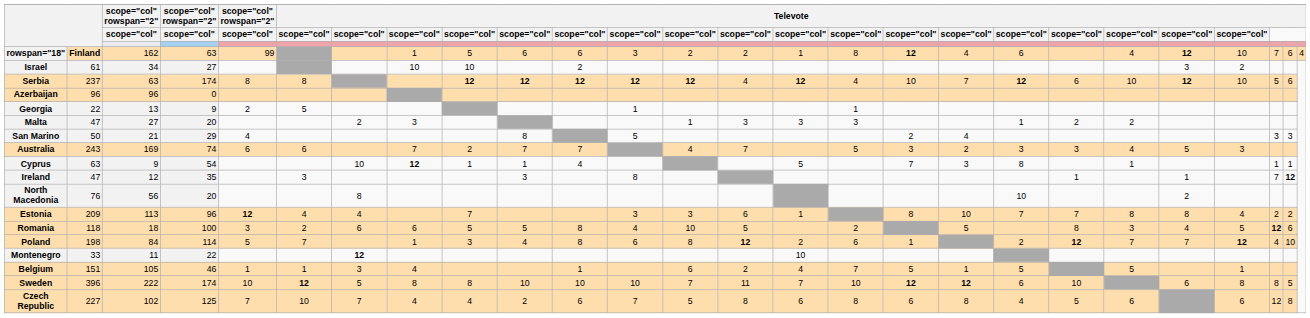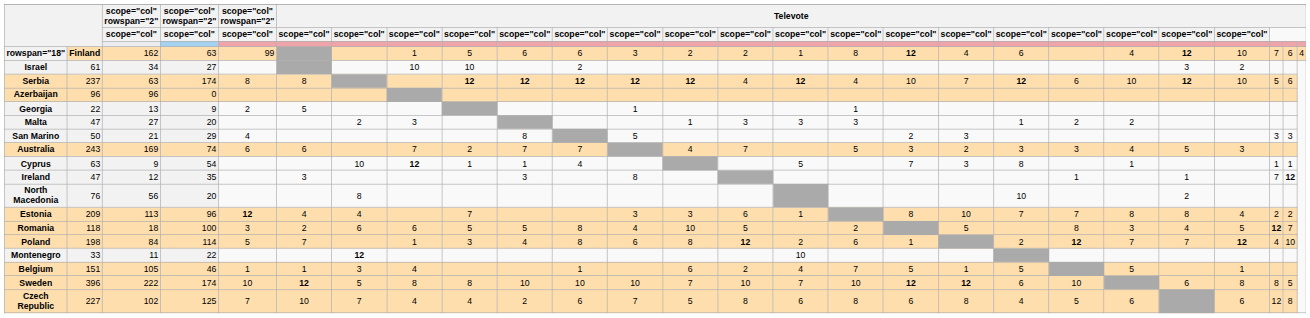 <table class="wikitable plainrowheaders" style="text-align: center; font-size: 85%;">
 <tr>
 </tr>
 <tr>
 <td colspan="2" rowspan="3" style="background: #F2F2F2;"></td>
 <th>scope="col" rowspan="2" </th>
 <th>scope="col" rowspan="2" </th>
 <th>scope="col" rowspan="2" </th>
 <th colspan="22" scope="col">Televote</th>
 </tr>
 <tr>
 <th>scope="col" </th>
 <th>scope="col" </th>
 <th>scope="col" </th>
 <th>scope="col" </th>
 <th>scope="col" </th>
 <th>scope="col" </th>
 <th>scope="col" </th>
 <th>scope="col" </th>
 <th>scope="col" </th>
 <th>scope="col" </th>
 <th>scope="col" </th>
 <th>scope="col" </th>
 <th>scope="col" </th>
 <th>scope="col" </th>
 <th>scope="col" </th>
 <th>scope="col" </th>
 <th>scope="col" </th>
 <th>scope="col" </th>
 <th>scope="col" </th>
 <th>scope="col" </th>
 <th>scope="col" </th>
 </tr>
 <tr>
 <td style="height:2px; background: #eaecf0; border-top:1px solid transparent;"></td>
 <td style="background: #A4D1EF;"></td>
 <td style="background: #EFA4A9;"></td>
 <td style="background: #EFA4A9;"></td>
 <td style="background: #EFA4A9;"></td>
 <td style="background: #EFA4A9;"></td>
 <td style="background: #EFA4A9;"></td>
 <td style="background: #EFA4A9;"></td>
 <td style="background: #EFA4A9;"></td>
 <td style="background: #EFA4A9;"></td>
 <td style="background: #EFA4A9;"></td>
 <td style="background: #EFA4A9;"></td>
 <td style="background: #EFA4A9;"></td>
 <td style="background: #EFA4A9;"></td>
 <td style="background: #EFA4A9;"></td>
 <td style="background: #EFA4A9;"></td>
 <td style="background: #EFA4A9;"></td>
 <td style="background: #EFA4A9;"></td>
 <td style="background: #EFA4A9;"></td>
 <td style="background: #EFA4A9;"></td>
 <td style="background: #EFA4A9;"></td>
 <td style="background: #EFA4A9;"></td>
 <td style="background: #EFA4A9;"></td>
 <td style="background: #EFA4A9;"></td>
 </tr>
 <tr style="background:#ffdead;">
 <th>rowspan="18" </th>
 <th scope="row" style="font-weight: bold; background: #ffdead;">Finland</th>
 <td style="text-align: right;">162</td>
 <td style="text-align: right;">63</td>
 <td style="text-align: right;">99</td>
 <td style="background: #aaa;"></td>
 <td></td>
 <td>1</td>
 <td>5</td>
 <td>6</td>
 <td>6</td>
 <td>3</td>
 <td>2</td>
 <td>2</td>
 <td>1</td>
 <td>8</td>
 <td><strong>12</strong></td>
 <td>4</td>
 <td>6</td>
 <td></td>
 <td>4</td>
 <td><strong>12</strong></td>
 <td>10</td>
 <td>7</td>
 <td>6</td>
 <td>4</td>
 </tr>
 <tr>
 <th scope="row" style="background: #f2f2f2;">Israel</th>
 <td style="text-align: right; background: #f2f2f2;">61</td>
 <td style="text-align: right; background: #f2f2f2;">34</td>
 <td style="text-align: right; background: #f2f2f2;">27</td>
 <td></td>
 <td style="background: #aaa;"></td>
 <td></td>
 <td>10</td>
 <td>10</td>
 <td></td>
 <td>2</td>
 <td></td>
 <td></td>
 <td></td>
 <td></td>
 <td></td>
 <td></td>
 <td></td>
 <td></td>
 <td></td>
 <td></td>
 <td>3</td>
 <td>2</td>
 <td></td>
 <td></td>
 </tr>
 <tr style="background:#ffdead;">
 <th scope="row" style="font-weight: bold; background: #ffdead;">Serbia</th>
 <td style="text-align: right;">237</td>
 <td style="text-align: right;">63</td>
 <td style="text-align: right;">174</td>
 <td>8</td>
 <td>8</td>
 <td style="background: #aaa;"></td>
 <td></td>
 <td><strong>12</strong></td>
 <td><strong>12</strong></td>
 <td><strong>12</strong></td>
 <td><strong>12</strong></td>
 <td><strong>12</strong></td>
 <td>4</td>
 <td><strong>12</strong></td>
 <td>4</td>
 <td>10</td>
 <td>7</td>
 <td><strong>12</strong></td>
 <td>6</td>
 <td>10</td>
 <td><strong>12</strong></td>
 <td>10</td>
 <td>5</td>
 <td>6</td>
 </tr>
 <tr style="background:#ffdead;">
 <th scope="row" style="font-weight: bold; background: #ffdead;">Azerbaijan</th>
 <td style="text-align: right;">96</td>
 <td style="text-align: right;">96</td>
 <td style="text-align: right;">0</td>
 <td></td>
 <td></td>
 <td></td>
 <td style="background: #aaa;"></td>
 <td></td>
 <td></td>
 <td></td>
 <td></td>
 <td></td>
 <td></td>
 <td></td>
 <td></td>
 <td></td>
 <td></td>
 <td></td>
 <td></td>
 <td></td>
 <td></td>
 <td></td>
 <td></td>
 <td></td>
 </tr>
 <tr>
 <th scope="row" style="background: #f2f2f2;">Georgia</th>
 <td style="text-align: right; background: #f2f2f2;">22</td>
 <td style="text-align: right; background: #f2f2f2;">13</td>
 <td style="text-align: right; background: #f2f2f2;">9</td>
 <td>2</td>
 <td>5</td>
 <td></td>
 <td></td>
 <td style="background: #aaa;"></td>
 <td></td>
 <td></td>
 <td>1</td>
 <td></td>
 <td></td>
 <td></td>
 <td>1</td>
 <td></td>
 <td></td>
 <td></td>
 <td></td>
 <td></td>
 <td></td>
 <td></td>
 <td></td>
 <td></td>
 </tr>
 <tr>
 <th scope="row" style="background: #f2f2f2;">Malta</th>
 <td style="text-align: right; background: #f2f2f2;">47</td>
 <td style="text-align: right; background: #f2f2f2;">27</td>
 <td style="text-align: right; background: #f2f2f2;">20</td>
 <td></td>
 <td></td>
 <td>2</td>
 <td>3</td>
 <td></td>
 <td style="background: #aaa;"></td>
 <td></td>
 <td></td>
 <td>1</td>
 <td>3</td>
 <td>3</td>
 <td>3</td>
 <td></td>
 <td></td>
 <td>1</td>
 <td>2</td>
 <td>2</td>
 <td></td>
 <td></td>
 <td></td>
 <td></td>
 </tr>
 <tr>
 <th scope="row" style="background: #f2f2f2;">San Marino</th>
 <td style="text-align: right; background: #f2f2f2;">50</td>
 <td style="text-align: right; background: #f2f2f2;">21</td>
 <td style="text-align: right; background: #f2f2f2;">29</td>
 <td>4</td>
 <td></td>
 <td></td>
 <td></td>
 <td></td>
 <td>8</td>
 <td style="background: #aaa;"></td>
 <td>5</td>
 <td></td>
 <td></td>
 <td></td>
 <td></td>
 <td>2</td>
-<td>4</td>
+<td>3</td>
 <td></td>
 <td></td>
 <td></td>
 <td></td>
 <td></td>
 <td>3</td>
 <td>3</td>
 </tr>
 <tr style="background:#ffdead;">
 <th scope="row" style="font-weight: bold; background: #ffdead;">Australia</th>
 <td style="text-align: right;">243</td>
 <td style="text-align: right;">169</td>
 <td style="text-align: right;">74</td>
 <td>6</td>
 <td>6</td>
 <td></td>
 <td>7</td>
 <td>2</td>
 <td>7</td>
 <td>7</td>
 <td style="background: #aaa;"></td>
 <td>4</td>
 <td>7</td>
 <td></td>
 <td>5</td>
 <td>3</td>
 <td>2</td>
 <td>3</td>
 <td>3</td>
 <td>4</td>
 <td>5</td>
 <td>3</td>
 <td></td>
 <td></td>
 </tr>
 <tr>
 <th scope="row" style="background: #f2f2f2;">Cyprus</th>
 <td style="text-align: right; background: #f2f2f2;">63</td>
 <td style="text-align: right; background: #f2f2f2;">9</td>
 <td style="text-align: right; background: #f2f2f2;">54</td>
 <td></td>
 <td></td>
 <td>10</td>
 <td><strong>12</strong></td>
 <td>1</td>
 <td>1</td>
 <td>4</td>
 <td></td>
 <td style="background: #aaa;"></td>
 <td></td>
 <td>5</td>
 <td></td>
 <td>7</td>
 <td>3</td>
 <td>8</td>
 <td></td>
 <td>1</td>
 <td></td>
 <td></td>
 <td>1</td>
 <td>1</td>
 </tr>
 <tr>
 <th scope="row" style="background: #f2f2f2;">Ireland</th>
 <td style="text-align: right; background: #f2f2f2;">47</td>
 <td style="text-align: right; background: #f2f2f2;">12</td>
 <td style="text-align: right; background: #f2f2f2;">35</td>
 <td></td>
 <td>3</td>
 <td></td>
 <td></td>
 <td></td>
 <td>3</td>
 <td></td>
 <td>8</td>
 <td></td>
 <td style="background: #aaa;"></td>
 <td></td>
 <td></td>
 <td></td>
 <td></td>
 <td></td>
 <td>1</td>
 <td></td>
 <td>1</td>
 <td></td>
 <td>7</td>
 <td><strong>12</strong></td>
 </tr>
 <tr>
 <th scope="row" style="background: #f2f2f2;">North Macedonia</th>
 <td style="text-align: right; background: #f2f2f2;">76</td>
 <td style="text-align: right; background: #f2f2f2;">56</td>
 <td style="text-align: right; background: #f2f2f2;">20</td>
 <td></td>
 <td></td>
 <td>8</td>
 <td></td>
 <td></td>
 <td></td>
 <td></td>
 <td></td>
 <td></td>
 <td></td>
 <td style="background: #aaa;"></td>
 <td></td>
 <td></td>
 <td></td>
 <td>10</td>
 <td></td>
 <td></td>
 <td>2</td>
 <td></td>
 <td></td>
 <td></td>
 </tr>
 <tr style="background:#ffdead;">
 <th scope="row" style="font-weight: bold; background: #ffdead;">Estonia</th>
 <td style="text-align: right;">209</td>
 <td style="text-align: right;">113</td>
 <td style="text-align: right;">96</td>
 <td><strong>12</strong></td>
 <td>4</td>
 <td>4</td>
 <td></td>
 <td>7</td>
 <td></td>
 <td></td>
 <td>3</td>
 <td>3</td>
 <td>6</td>
 <td>1</td>
 <td style="background: #aaa;"></td>
 <td>8</td>
 <td>10</td>
 <td>7</td>
 <td>7</td>
 <td>8</td>
 <td>8</td>
 <td>4</td>
 <td>2</td>
 <td>2</td>
 </tr>
 <tr style="background:#ffdead;">
 <th scope="row" style="font-weight: bold; background: #ffdead;">Romania</th>
 <td style="text-align: right;">118</td>
 <td style="text-align: right;">18</td>
 <td style="text-align: right;">100</td>
 <td>3</td>
 <td>2</td>
 <td>6</td>
 <td>6</td>
 <td>5</td>
 <td>5</td>
 <td>8</td>
 <td>4</td>
 <td>10</td>
 <td>5</td>
 <td></td>
 <td>2</td>
 <td style="background: #aaa;"></td>
 <td>5</td>
 <td></td>
 <td>8</td>
 <td>3</td>
 <td>4</td>
 <td>5</td>
 <td><strong>12</strong></td>
-<td>6</td>
+<td>7</td>
 </tr>
 <tr style="background:#ffdead;">
 <th scope="row" style="font-weight: bold; background: #ffdead;">Poland</th>
 <td style="text-align: right;">198</td>
 <td style="text-align: right;">84</td>
 <td style="text-align: right;">114</td>
 <td>5</td>
 <td>7</td>
 <td></td>
 <td>1</td>
 <td>3</td>
 <td>4</td>
 <td>8</td>
 <td>6</td>
 <td>8</td>
 <td><strong>12</strong></td>
 <td>2</td>
 <td>6</td>
 <td>1</td>
 <td style="background: #aaa;"></td>
 <td>2</td>
 <td><strong>12</strong></td>
 <td>7</td>
 <td>7</td>
 <td><strong>12</strong></td>
 <td>4</td>
 <td>10</td>
 </tr>
 <tr>
 <th scope="row" style="background: #f2f2f2;">Montenegro</th>
 <td style="text-align: right; background: #f2f2f2;">33</td>
 <td style="text-align: right; background: #f2f2f2;">11</td>
 <td style="text-align: right; background: #f2f2f2;">22</td>
 <td></td>
 <td></td>
 <td><strong>12</strong></td>
 <td></td>
 <td></td>
 <td></td>
 <td></td>
 <td></td>
 <td></td>
 <td></td>
 <td>10</td>
 <td></td>
 <td></td>
 <td></td>
 <td style="background: #aaa;"></td>
 <td></td>
 <td></td>
 <td></td>
 <td></td>
 <td></td>
 <td></td>
 </tr>
 <tr style="background:#ffdead;">
 <th scope="row" style="font-weight: bold; background: #ffdead;">Belgium</th>
 <td style="text-align: right;">151</td>
 <td style="text-align: right;">105</td>
 <td style="text-align: right;">46</td>
 <td>1</td>
 <td>1</td>
 <td>3</td>
 <td>4</td>
 <td></td>
 <td></td>
 <td>1</td>
 <td></td>
 <td>6</td>
 <td>2</td>
 <td>4</td>
 <td>7</td>
 <td>5</td>
 <td>1</td>
 <td>5</td>
 <td style="background: #aaa;"></td>
 <td>5</td>
 <td></td>
 <td>1</td>
 <td></td>
 <td></td>
 </tr>
 <tr style="background:#ffdead;">
 <th scope="row" style="font-weight: bold; background: #ffdead;">Sweden</th>
 <td style="text-align: right;">396</td>
 <td style="text-align: right;">222</td>
 <td style="text-align: right;">174</td>
 <td>10</td>
 <td><strong>12</strong></td>
 <td>5</td>
 <td>8</td>
 <td>8</td>
 <td>10</td>
 <td>10</td>
 <td>10</td>
 <td>7</td>
-<td>11</td>
+<td>10</td>
 <td>7</td>
 <td>10</td>
 <td><strong>12</strong></td>
 <td><strong>12</strong></td>
 <td>6</td>
 <td>10</td>
 <td style="background: #aaa;"></td>
 <td>6</td>
 <td>8</td>
 <td>8</td>
 <td>5</td>
 </tr>
 <tr style="background:#ffdead;">
 <th scope="row" style="font-weight: bold; background: #ffdead;">Czech Republic</th>
 <td style="text-align: right;">227</td>
 <td style="text-align: right;">102</td>
 <td style="text-align: right;">125</td>
 <td>7</td>
 <td>10</td>
 <td>7</td>
 <td>4</td>
 <td>4</td>
 <td>2</td>
 <td>6</td>
 <td>7</td>
 <td>5</td>
 <td>8</td>
 <td>6</td>
 <td>8</td>
 <td>6</td>
 <td>8</td>
 <td>4</td>
 <td>5</td>
 <td>6</td>
 <td style="background: #aaa;"></td>
 <td>6</td>
 <td>12</td>
 <td>8</td>
 </tr>
 </table>
